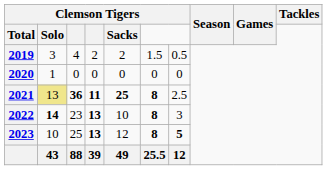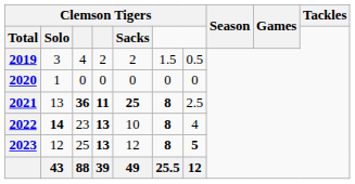 <table class=wikitable style="text-align:center;">
 <tr>
 <th colspan="7">Clemson Tigers</th>
 <th rowspan=2>Season</th>
 <th colspan="1" rowspan="2">Games</th>
 <th colspan=5>Tackles</th>
 </tr>
 <tr>
 <th>Total</th>
 <th>Solo</th>
 <th></th>
 <th></th>
 <th>Sacks</th>
 </tr>
 <tr>
 <th><a href='#'>2019</a></th>
 <td>3</td>
 <td>4</td>
 <td>2</td>
 <td>2</td>
 <td>1.5</td>
 <td>0.5</td>
 </tr>
 <tr>
 <th><a href='#'>2020</a></th>
 <td>1</td>
 <td>0</td>
 <td>0</td>
 <td>0</td>
 <td>0</td>
 <td>0</td>
 </tr>
 <tr>
 <th><a href='#'>2021</a></th>
-<td style="background: khaki;">13</td>
+<td>13</td>
 <td><strong>36</strong></td>
 <td><strong>11</strong></td>
 <td><strong>25</strong></td>
 <td><strong>8</strong></td>
 <td>2.5</td>
 </tr>
 <tr>
 <th><a href='#'>2022</a></th>
 <td><strong>14</strong></td>
 <td>23</td>
 <td><strong>13</strong></td>
 <td>10</td>
 <td><strong>8</strong></td>
-<td>3</td>
+<td>4</td>
 </tr>
 <tr>
 <th><a href='#'>2023</a></th>
-<td>10</td>
+<td>12</td>
 <td>25</td>
 <td><strong>13</strong></td>
 <td>12</td>
 <td><strong>8</strong></td>
 <td><strong>5</strong></td>
 </tr>
 <tr>
 <th></th>
 <th>43</th>
 <th>88</th>
 <th>39</th>
 <th>49</th>
 <th>25.5</th>
 <th>12</th>
 </tr>
 </table>
